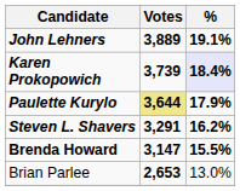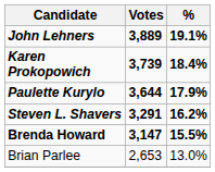 <table class="wikitable" style="width:250px">
 <tr>
 <th>Candidate</th>
 <th>Votes</th>
 <th>%</th>
 </tr>
 <tr>
 <td><strong><em>John Lehners</em></strong></td>
 <td><strong>3,889</strong></td>
 <td><strong>19.1%</strong></td>
 </tr>
 <tr>
 <td><strong><em>Karen Prokopowich</em></strong></td>
 <td><strong>3,739</strong></td>
-<td style="background: lavender;"><strong>18.4%</strong></td>
+<td><strong>18.4%</strong></td>
 </tr>
 <tr>
 <td><strong><em>Paulette Kurylo</em></strong></td>
-<td style="background: khaki;"><strong>3,644</strong></td>
+<td><strong>3,644</strong></td>
 <td><strong>17.9%</strong></td>
 </tr>
 <tr>
 <td><strong><em>Steven L. Shavers</em></strong></td>
 <td><strong>3,291</strong></td>
 <td><strong>16.2%</strong></td>
 </tr>
 <tr>
 <td><strong>Brenda Howard</strong></td>
 <td><strong>3,147</strong></td>
 <td><strong>15.5%</strong></td>
 </tr>
 <tr>
 <td>Brian Parlee</td>
-<td><strong>2,653</strong></td>
+<td>2,653</td>
 <td>13.0%</td>
 </tr>
 <tr>
 </tr>
 </table>
